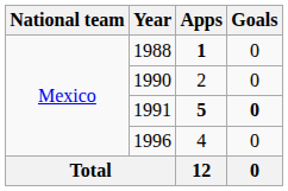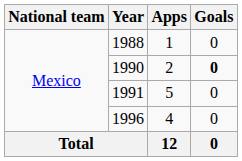 <table class="wikitable" style="text-align:center">
 <tr>
 <th>National team</th>
 <th>Year</th>
 <th>Apps</th>
 <th>Goals</th>
 </tr>
 <tr>
 <td rowspan="4"><a href='#'>Mexico</a></td>
 <td>1988</td>
-<td><strong>1</strong></td>
+<td>1</td>
 <td>0</td>
 </tr>
 <tr>
 <td>1990</td>
 <td>2</td>
-<td>0</td>
+<td><strong>0</strong></td>
 </tr>
 <tr>
 <td>1991</td>
-<td><strong>5</strong></td>
-<td><strong>0</strong></td>
+<td>5</td>
+<td>0</td>
 </tr>
 <tr>
 <td>1996</td>
 <td>4</td>
 <td>0</td>
 </tr>
 <tr>
 <th colspan=2>Total</th>
 <th>12</th>
 <th>0</th>
 </tr>
 </table>
